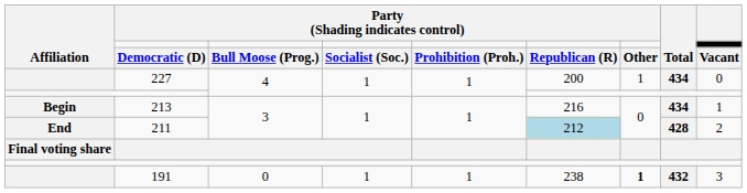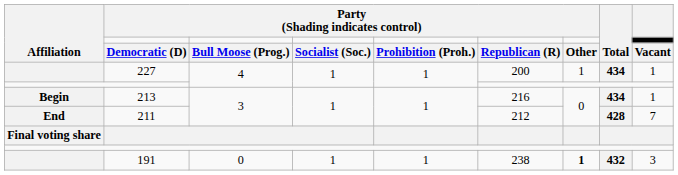 <table class="wikitable" style="text-align:center;">
 <tr style="vertical-align:bottom;">
 <th rowspan=3>Affiliation</th>
 <th colspan=6>Party <div>(Shading indicates control)</div></th>
 <th rowspan=3>Total</th>
 <th></th>
 </tr>
 <tr style="height:5px">
 <td style="background-color:"></td>
 <td style="background-color:"></td>
 <td style="background-color:"></td>
 <td style="background-color:"></td>
 <td style="background-color:"></td>
 <td style="background-color:"></td>
 <td style="background:black;"></td>
 </tr>
 <tr valign=bottom>
 <th><a href='#'>Democratic</a> (D)</th>
 <th><a href='#'>Bull Moose</a> (Prog.)</th>
 <th><a href='#'>Socialist</a> (Soc.)</th>
 <th><a href='#'>Prohibition</a> (Proh.)</th>
 <th><a href='#'>Republican</a> (R)</th>
 <th>Other</th>
 <th>Vacant</th>
 </tr>
 <tr>
 <th></th>
 <td>227</td>
 <td rowspan=2>4</td>
 <td rowspan=2>1</td>
 <td rowspan=2>1</td>
 <td>200</td>
 <td>1</td>
 <th>434</th>
-<td>0</td>
+<td>1</td>
 </tr>
 <tr>
 <td colspan=9></td>
 </tr>
 <tr>
 <th nowrap>Begin</th>
 <td>213</td>
 <td rowspan=2 >3</td>
 <td rowspan=2 >1</td>
 <td rowspan=2>1</td>
 <td>216</td>
 <td rowspan=2>0</td>
 <th>434</th>
 <td>1</td>
 </tr>
 <tr>
 <th nowrap>End</th>
 <td>211</td>
-<td style="background: lightblue;">212</td>
+<td>212</td>
 <th>428</th>
-<td>2</td>
+<td>7</td>
 </tr>
 <tr>
 <th>Final voting share</th>
 <th colspan=3 ></th>
 <th></th>
 <th></th>
 <th></th>
 <th colspan=2></th>
 </tr>
 <tr>
 <td colspan=9></td>
 </tr>
 <tr>
 <th></th>
 <td>191</td>
 <td>0</td>
 <td>1</td>
 <td>1</td>
 <td>238</td>
 <td><strong>1</strong></td>
 <th>432</th>
 <td>3</td>
 </tr>
 </table>
